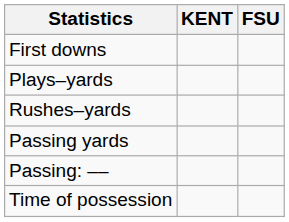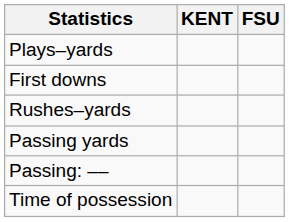 <table class="wikitable" style="float:left">
 <tr>
 <th>Statistics</th>
 <th>KENT</th>
 <th>FSU</th>
 </tr>
 <tr>
-<td>First downs</td>
+<td>Plays–yards</td>
 <td></td>
 <td></td>
 </tr>
 <tr>
-<td>Plays–yards</td>
+<td>First downs</td>
 <td></td>
 <td></td>
 </tr>
 <tr>
 <td>Rushes–yards</td>
 <td></td>
 <td></td>
 </tr>
 <tr>
 <td>Passing yards</td>
 <td></td>
 <td></td>
 </tr>
 <tr>
 <td>Passing: ––</td>
 <td></td>
 <td></td>
 </tr>
 <tr>
 <td>Time of possession</td>
 <td></td>
 <td></td>
 </tr>
 </table>
